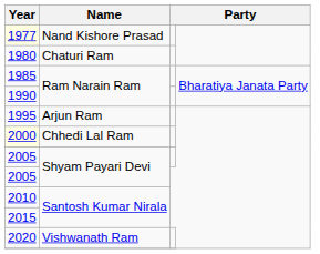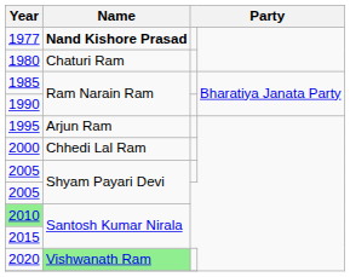 <table class="wikitable sortable">
 <tr>
 <th>Year</th>
 <th>Name</th>
 <th colspan="2">Party</th>
 </tr>
 <tr>
-<td style="background: lightyellow;"><a href='#'>1977</a></td>
-<td>Nand Kishore Prasad</td>
+<td><a href='#'>1977</a></td>
+<td><strong>Nand Kishore Prasad</strong></td>
 <td></td>
 </tr>
 <tr>
 <td><a href='#'>1980</a></td>
 <td>Chaturi Ram</td>
 <td></td>
 </tr>
 <tr>
 <td><a href='#'>1985</a></td>
 <td rowspan="2">Ram Narain Ram</td>
 <td style="background-color: "></td>
 <td rowspan="2"><a href='#'>Bharatiya Janata Party</a></td>
 </tr>
 <tr>
 <td><a href='#'>1990</a></td>
 </tr>
 <tr>
 <td><a href='#'>1995</a></td>
 <td>Arjun Ram</td>
 <td></td>
 </tr>
 <tr>
-<td style="background: lightyellow;"><a href='#'>2000</a></td>
+<td><a href='#'>2000</a></td>
 <td>Chhedi Lal Ram</td>
 <td></td>
 </tr>
 <tr>
 <td><a href='#'>2005</a></td>
 <td rowspan="2">Shyam Payari Devi</td>
 <td></td>
 </tr>
 <tr>
 <td><a href='#'>2005</a></td>
 </tr>
 <tr>
-<td><a href='#'>2010</a></td>
+<td style="background: lightgreen;"><a href='#'>2010</a></td>
 <td rowspan="2"><a href='#'>Santosh Kumar Nirala</a></td>
 </tr>
 <tr>
 <td><a href='#'>2015</a></td>
 </tr>
 <tr>
 <td><a href='#'>2020</a></td>
-<td><a href='#'>Vishwanath Ram</a></td>
+<td style="background: lightgreen;"><a href='#'>Vishwanath Ram</a></td>
 <td></td>
 </tr>
 <tr>
 </tr>
 </table>
